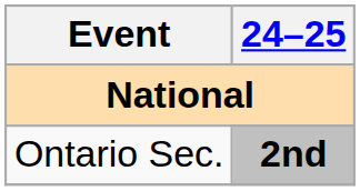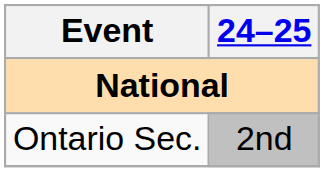 <table class="wikitable" style="text-align:center">
 <tr>
 <th>Event</th>
 <th><a href='#'>24–25</a></th>
 </tr>
 <tr>
 <th style="background-color: #ffdead; " colspan=4 align=center>National</th>
 </tr>
 <tr>
 <td align=left>Ontario Sec.</td>
-<td bgcolor=silver><strong>2nd</strong></td>
+<td bgcolor=silver>2nd</td>
 </tr>
 <tr>
 </tr>
 </table>
